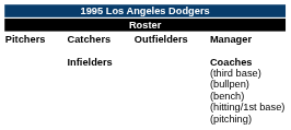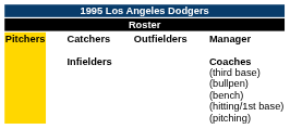 <table class="toccolours" style="font-size: 95%;">
 <tr>
 <th colspan="10" style="background-color: #083c6b; color: white; text-align: center;">1995 Los Angeles Dodgers</th>
 </tr>
 <tr>
 <td colspan="10" style="background-color: black; color: white; text-align: center;"><strong>Roster</strong></td>
 </tr>
 <tr>
-<td valign="top"><strong>Pitchers</strong><br>                                    </td>
+<td valign="top" style="background: gold;"><strong>Pitchers</strong><br>                                    </td>
 <td width="25px"></td>
 <td valign="top"><strong>Catchers</strong><br>   <br><strong>Infielders</strong>            </td>
 <td width="25px"></td>
 <td valign="top"><strong>Outfielders</strong><br>           </td>
 <td width="25px"></td>
 <td valign="top"><strong>Manager</strong><br><br><strong>Coaches</strong> <br> (third base)  <br>(bullpen)    <br>(bench)  <br>(hitting/1st base) <br> (pitching)</td>
 </tr>
 </table>
